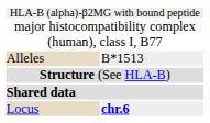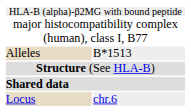 <table id="drugInfoBox" style="float: right; clear: right; margin: 0 0 0.5em 1em; background: #ffffff;" class="toccolours" border=0 cellpadding=0 align="right" width="240px">
 <tr align="center">
 <td colspan="3"></td>
 </tr>
 <tr style="text-align: center; line-height: 0.75;background:#eeeeee">
 <td colspan="3" color="white"><small>HLA-B (alpha)-β2MG with bound peptide</small></td>
 </tr>
 <tr>
 <td align="center" colspan="3"><div>major histocompatibility complex (human), class I, B77</div></td>
 </tr>
 <tr>
 <td bgcolor="#e7dcc3">Alleles</td>
 <td colspan = 2  bgcolor="#eeeeee">B*1513</td>
 </tr>
 <tr align="center">
 <td colspan="3" bgcolor="#dddddd"><strong>Structure</strong> (See <a href='#'>HLA-B</a>)</td>
 </tr>
 <tr>
 <td colspan="2" bgcolor="#dddddd"><strong>Shared data</strong></td>
 </tr>
 <tr>
 <td bgcolor="#e7dcc3"><a href='#'>Locus</a></td>
-<td bgcolor="#eeeeee"><strong><a href='#'>chr.6</a> <em></em></strong></td>
+<td bgcolor="#eeeeee"><a href='#'>chr.6</a> <em></em></td>
 </tr>
 </table>
